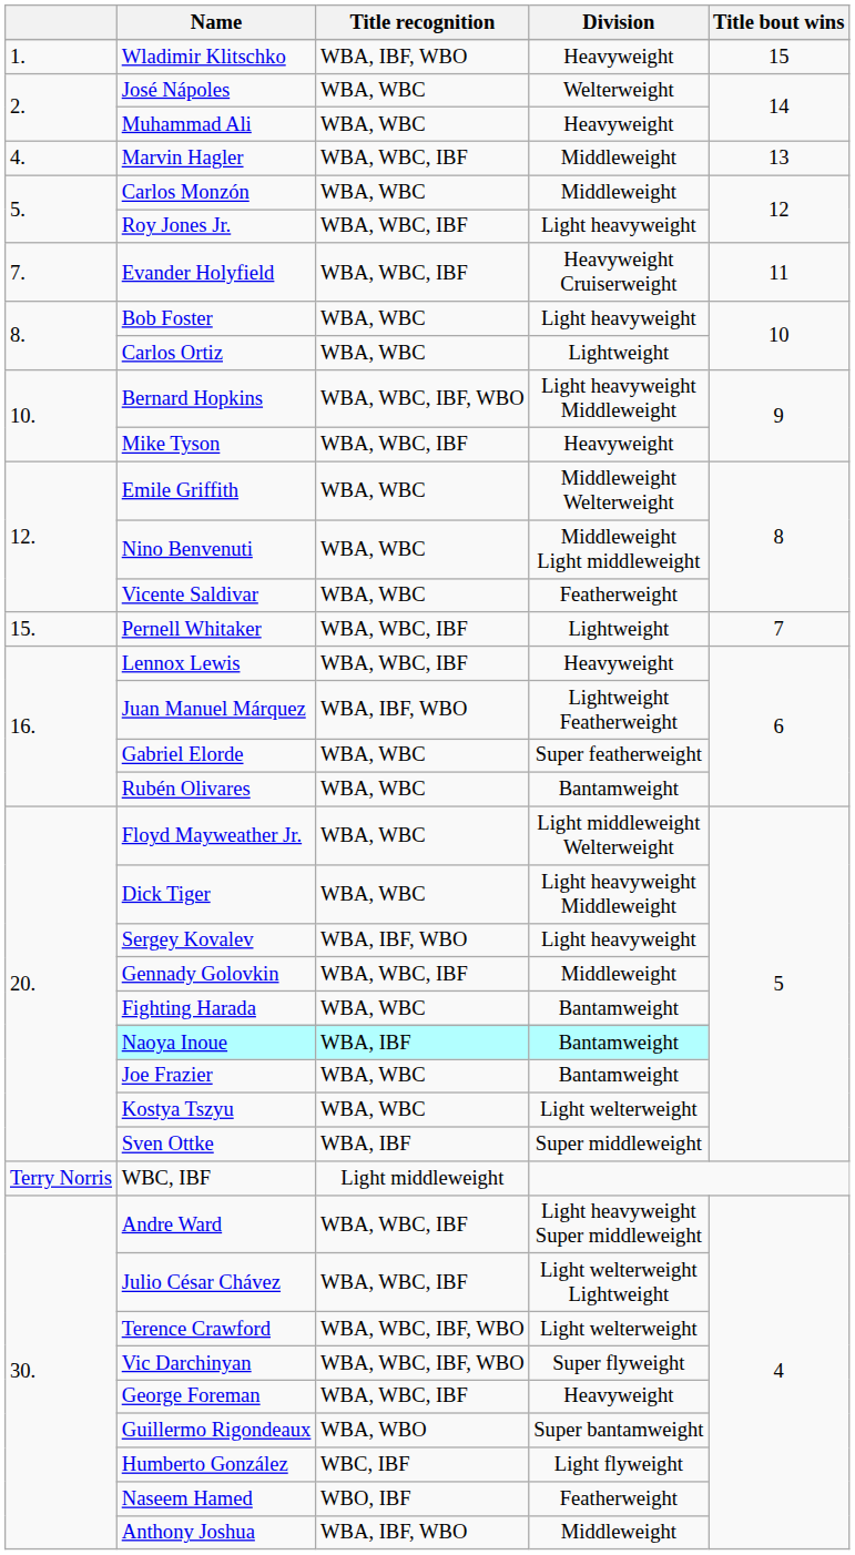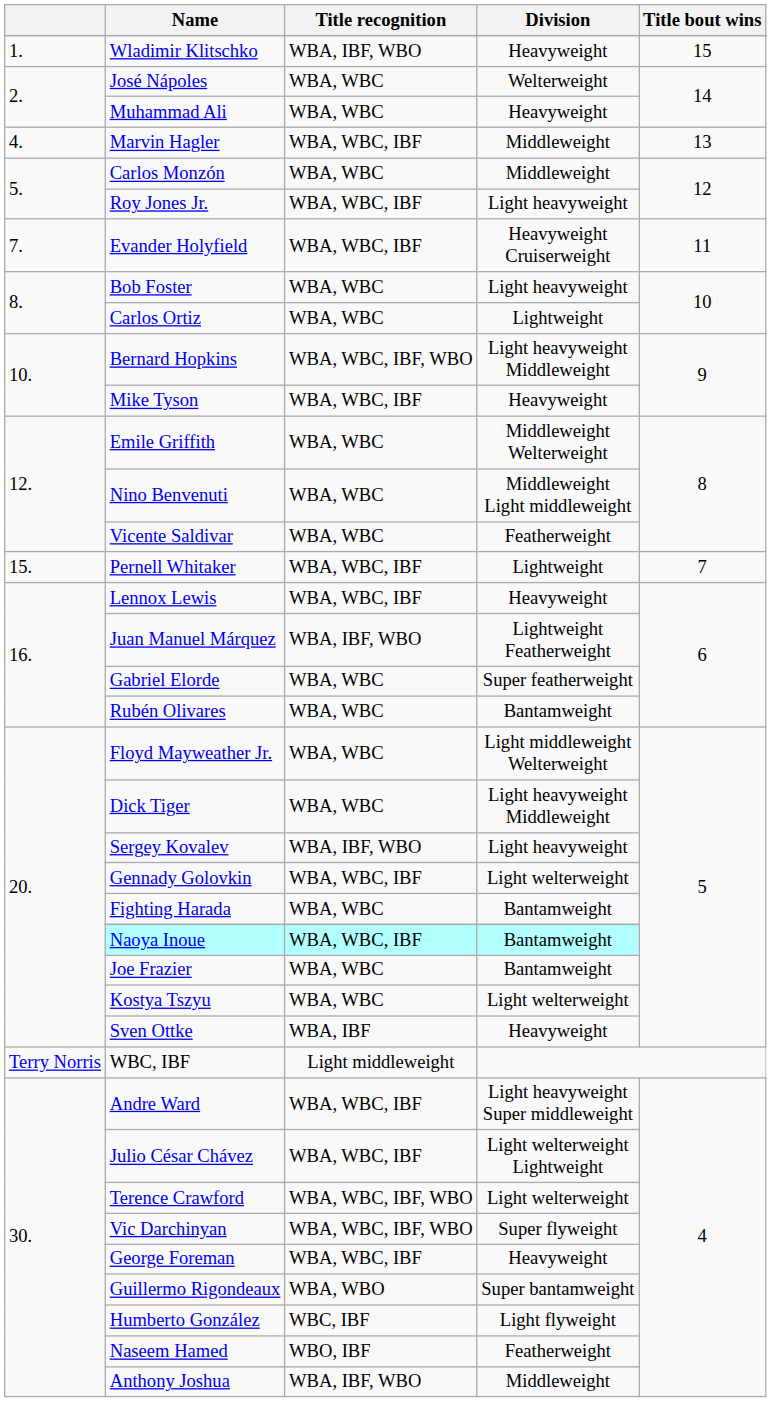 <table class="wikitable sortable" style="font-size:90%;  margin:0 .5em .5em 0; margin-top:.5em; margin-bottom:.5em; border:1px solid #CCC; border-collapse:collapse; text-align:left;">
 <tr>
 <th></th>
 <th>Name</th>
 <th>Title recognition</th>
 <th>Division</th>
 <th>Title bout wins</th>
 </tr>
 <tr>
 </tr>
 <tr bgcolor=>
 <td>1.</td>
 <td> <a href='#'>Wladimir Klitschko</a></td>
 <td>WBA, IBF, WBO</td>
 <td align="center">Heavyweight</td>
 <td align="center">15</td>
 </tr>
 <tr>
 <td rowspan="2">2.</td>
 <td>  <a href='#'>José Nápoles</a></td>
 <td>WBA, WBC</td>
 <td align="center">Welterweight</td>
 <td align="center" rowspan="2">14</td>
 </tr>
 <tr>
 <td> <a href='#'>Muhammad Ali</a></td>
 <td>WBA, WBC</td>
 <td align="center">Heavyweight</td>
 </tr>
 <tr>
 <td>4.</td>
 <td> <a href='#'>Marvin Hagler</a></td>
 <td>WBA, WBC, IBF</td>
 <td align="center">Middleweight</td>
 <td align="center">13</td>
 </tr>
 <tr>
 <td rowspan="2">5.</td>
 <td> <a href='#'>Carlos Monzón</a></td>
 <td>WBA, WBC</td>
 <td align="center">Middleweight</td>
 <td align="center" rowspan="2">12</td>
 </tr>
 <tr>
 <td> <a href='#'>Roy Jones Jr.</a></td>
 <td>WBA, WBC, IBF</td>
 <td align="center">Light heavyweight</td>
 </tr>
 <tr>
 <td>7.</td>
 <td> <a href='#'>Evander Holyfield</a></td>
 <td>WBA, WBC, IBF</td>
 <td align="center">Heavyweight<br>Cruiserweight</td>
 <td align="center">11</td>
 </tr>
 <tr>
 <td rowspan="2">8.</td>
 <td> <a href='#'>Bob Foster</a></td>
 <td>WBA, WBC</td>
 <td align="center">Light heavyweight</td>
 <td align="center" rowspan="2">10</td>
 </tr>
 <tr>
 <td> <a href='#'>Carlos Ortiz</a></td>
 <td>WBA, WBC</td>
 <td align="center">Lightweight</td>
 </tr>
 <tr>
 <td rowspan="2">10.</td>
 <td> <a href='#'>Bernard Hopkins</a></td>
 <td>WBA, WBC, IBF, WBO</td>
 <td align="center">Light heavyweight<br>Middleweight</td>
 <td align="center" rowspan="2">9</td>
 </tr>
 <tr>
 <td> <a href='#'>Mike Tyson</a></td>
 <td>WBA, WBC, IBF</td>
 <td align="center">Heavyweight</td>
 </tr>
 <tr>
 <td rowspan="3">12.</td>
 <td> <a href='#'>Emile Griffith</a></td>
 <td>WBA, WBC</td>
 <td align="center">Middleweight<br>Welterweight</td>
 <td align="center" rowspan="3">8</td>
 </tr>
 <tr>
 <td> <a href='#'>Nino Benvenuti</a></td>
 <td>WBA, WBC</td>
 <td align="center">Middleweight<br>Light middleweight</td>
 </tr>
 <tr>
 <td> <a href='#'>Vicente Saldivar</a></td>
 <td>WBA, WBC</td>
 <td align="center">Featherweight</td>
 </tr>
 <tr>
 <td>15.</td>
 <td> <a href='#'>Pernell Whitaker</a></td>
 <td>WBA, WBC, IBF</td>
 <td align="center">Lightweight</td>
 <td align="center">7</td>
 </tr>
 <tr>
 <td rowspan="4">16.</td>
 <td> <a href='#'>Lennox Lewis</a></td>
 <td>WBA, WBC, IBF</td>
 <td align="center">Heavyweight</td>
 <td align="center" rowspan="4">6</td>
 </tr>
 <tr>
 <td> <a href='#'>Juan Manuel Márquez</a></td>
 <td>WBA, IBF, WBO</td>
 <td align="center">Lightweight<br>Featherweight</td>
 </tr>
 <tr>
 <td> <a href='#'>Gabriel Elorde</a></td>
 <td>WBA, WBC</td>
 <td align="center">Super featherweight</td>
 </tr>
 <tr>
 <td> <a href='#'>Rubén Olivares</a></td>
 <td>WBA, WBC</td>
 <td align="center">Bantamweight</td>
 </tr>
 <tr>
 <td rowspan="10">20.</td>
 <td> <a href='#'>Floyd Mayweather Jr.</a></td>
 <td>WBA, WBC</td>
 <td align="center">Light middleweight<br>Welterweight</td>
 <td align="center" rowspan="10">5</td>
 </tr>
 <tr>
 <td> <a href='#'>Dick Tiger</a></td>
 <td>WBA, WBC</td>
 <td align="center">Light heavyweight<br>Middleweight</td>
 </tr>
 <tr>
 <td> <a href='#'>Sergey Kovalev</a></td>
 <td>WBA, IBF, WBO</td>
 <td align="center">Light heavyweight</td>
 </tr>
 <tr>
 <td> <a href='#'>Gennady Golovkin</a></td>
 <td>WBA, WBC, IBF</td>
-<td align="center">Middleweight</td>
+<td align="center">Light welterweight</td>
 </tr>
 <tr>
 <td> <a href='#'>Fighting Harada</a></td>
 <td>WBA, WBC</td>
 <td align="center">Bantamweight</td>
 </tr>
 <tr>
 </tr>
 <tr bgcolor=#B2FFFF>
 <td> <a href='#'>Naoya Inoue</a></td>
-<td>WBA, IBF</td>
+<td>WBA, WBC, IBF</td>
 <td align="center">Bantamweight</td>
 </tr>
 <tr>
 <td> <a href='#'>Joe Frazier</a></td>
 <td>WBA, WBC</td>
 <td align="center">Bantamweight</td>
 </tr>
 <tr>
 <td> <a href='#'>Kostya Tszyu</a></td>
 <td>WBA, WBC</td>
 <td align="center">Light welterweight</td>
 </tr>
 <tr>
 <td> <a href='#'>Sven Ottke</a></td>
 <td>WBA, IBF</td>
-<td align="center">Super middleweight</td>
+<td align="center">Heavyweight</td>
 </tr>
 <tr>
 <td> <a href='#'>Terry Norris</a></td>
 <td>WBC, IBF</td>
 <td align="center">Light middleweight</td>
 </tr>
 <tr>
 <td rowspan="9">30.</td>
 <td> <a href='#'>Andre Ward</a></td>
 <td>WBA, WBC, IBF</td>
 <td align="center">Light heavyweight<br>Super middleweight</td>
 <td align="center" rowspan="9">4</td>
 </tr>
 <tr>
 <td> <a href='#'>Julio César Chávez</a></td>
 <td>WBA, WBC, IBF</td>
 <td align="center">Light welterweight<br>Lightweight</td>
 </tr>
 <tr>
 <td> <a href='#'>Terence Crawford</a></td>
 <td>WBA, WBC, IBF, WBO</td>
 <td align="center">Light welterweight</td>
 </tr>
 <tr>
 <td> <a href='#'>Vic Darchinyan</a></td>
 <td>WBA, WBC, IBF, WBO</td>
 <td align="center">Super flyweight</td>
 </tr>
 <tr>
 <td> <a href='#'>George Foreman</a></td>
 <td>WBA, WBC, IBF</td>
 <td align="center">Heavyweight</td>
 </tr>
 <tr>
 <td> <a href='#'>Guillermo Rigondeaux</a></td>
 <td>WBA, WBO</td>
 <td align="center">Super bantamweight</td>
 </tr>
 <tr>
 <td> <a href='#'>Humberto González</a></td>
 <td>WBC, IBF</td>
 <td align="center">Light flyweight</td>
 </tr>
 <tr>
 <td> <a href='#'>Naseem Hamed</a></td>
 <td>WBO, IBF</td>
 <td align="center">Featherweight</td>
 </tr>
 <tr>
 <td> <a href='#'>Anthony Joshua</a></td>
 <td>WBA, IBF, WBO</td>
 <td align="center">Middleweight</td>
 </tr>
 </table>
